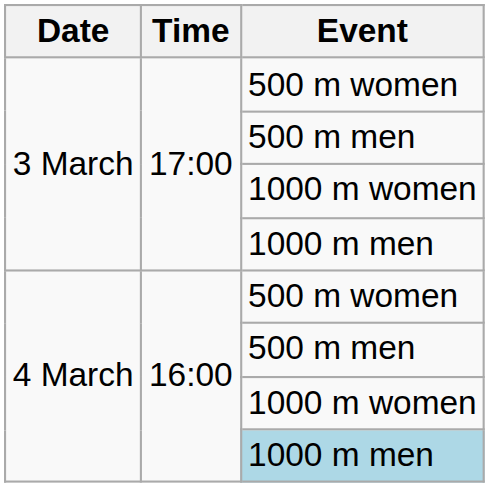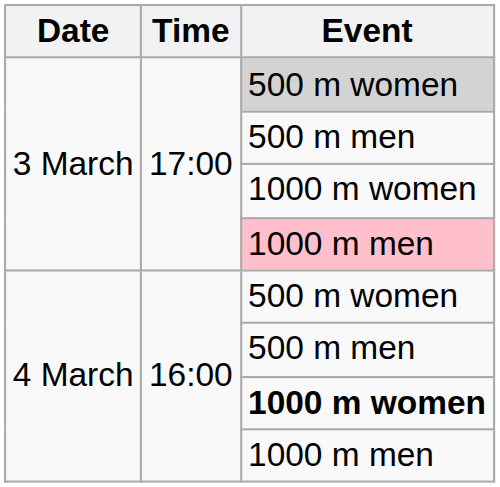 <table class="wikitable" border="1">
 <tr>
 <th>Date</th>
 <th>Time</th>
 <th>Event</th>
 </tr>
 <tr>
 <td rowspan=4>3 March</td>
 <td rowspan=4>17:00</td>
-<td>500 m women</td>
+<td style="background: lightgrey;">500 m women</td>
 </tr>
 <tr>
 <td>500 m men</td>
 </tr>
 <tr>
 <td>1000 m women</td>
 </tr>
 <tr>
-<td>1000 m men</td>
+<td style="background: pink;">1000 m men</td>
 </tr>
 <tr>
 <td rowspan=4>4 March</td>
 <td rowspan=4>16:00</td>
 <td>500 m women</td>
 </tr>
 <tr>
 <td>500 m men</td>
 </tr>
 <tr>
-<td>1000 m women</td>
+<td><strong>1000 m women</strong></td>
 </tr>
 <tr>
-<td style="background: lightblue;">1000 m men</td>
+<td>1000 m men</td>
 </tr>
 </table>
